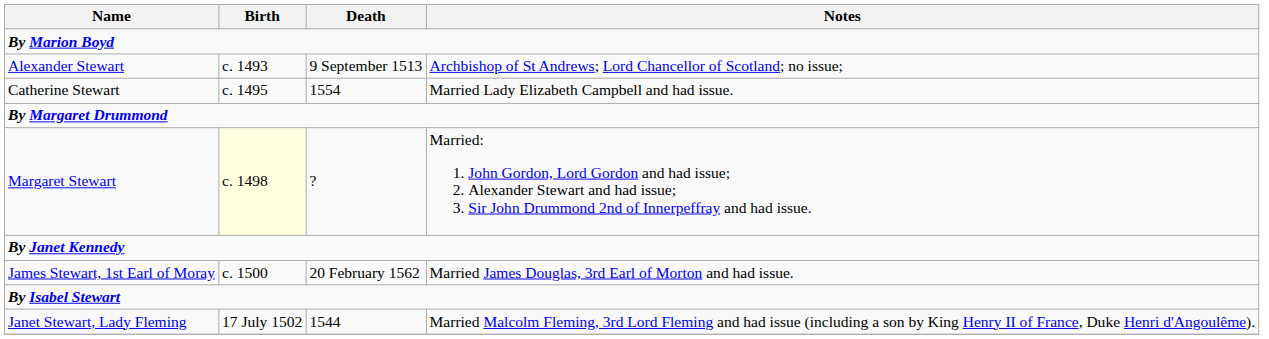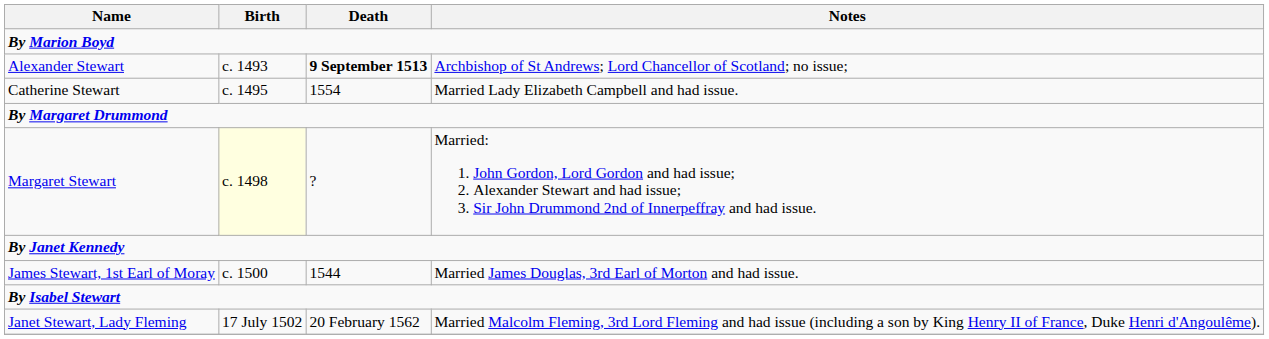 <table class="wikitable">
 <tr>
 <th>Name</th>
 <th>Birth</th>
 <th>Death</th>
 <th>Notes</th>
 </tr>
 <tr>
 <td colspan=4><strong><em>By <a href='#'>Marion Boyd</a> </em></strong></td>
 </tr>
 <tr>
 <td><a href='#'>Alexander Stewart</a></td>
 <td>c. 1493</td>
-<td>9 September 1513</td>
+<td><strong>9 September 1513</strong></td>
 <td><a href='#'>Archbishop of St Andrews</a>; <a href='#'>Lord Chancellor of Scotland</a>; no issue;</td>
 </tr>
 <tr>
 <td>Catherine Stewart</td>
 <td>c. 1495</td>
 <td>1554</td>
 <td>Married Lady Elizabeth Campbell and had issue.</td>
 </tr>
 <tr |>
 <td colspan=4><strong><em>By <a href='#'>Margaret Drummond</a></em></strong></td>
 </tr>
 <tr>
 <td><a href='#'>Margaret Stewart</a></td>
 <td style="background: lightyellow;">c. 1498</td>
 <td>?</td>
 <td>Married:<br><ol><li><a href='#'>John Gordon, Lord Gordon</a> and had issue;</li><li>Alexander Stewart and had issue;</li><li><a href='#'>Sir John Drummond 2nd of Innerpeffray</a> and had issue.</li></ol></td>
 </tr>
 <tr |>
 <td colspan=4><strong><em>By <a href='#'>Janet Kennedy</a></em></strong></td>
 </tr>
 <tr>
 <td><a href='#'>James Stewart, 1st Earl of Moray</a></td>
 <td>c. 1500</td>
-<td>20 February 1562</td>
+<td>1544</td>
 <td>Married <a href='#'>James Douglas, 3rd Earl of Morton</a> and had issue.</td>
 </tr>
 <tr |>
 <td colspan=4><strong><em>By <a href='#'>Isabel Stewart</a></em></strong></td>
 </tr>
 <tr>
 <td><a href='#'>Janet Stewart, Lady Fleming</a></td>
 <td>17 July 1502</td>
-<td>1544</td>
+<td>20 February 1562</td>
 <td>Married <a href='#'>Malcolm Fleming, 3rd Lord Fleming</a> and had issue (including a son by King <a href='#'>Henry II of France</a>, Duke <a href='#'>Henri d'Angoulême</a>).</td>
 </tr>
 <tr |>
 </tr>
 </table>
